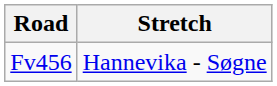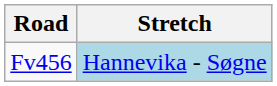 <table class="wikitable">
 <tr>
 <th>Road</th>
 <th>Stretch</th>
 </tr>
 <tr>
 <td><a href='#'>Fv456</a></td>
-<td><a href='#'>Hannevika</a> - <a href='#'>Søgne</a></td>
+<td style="background: lightblue;"><a href='#'>Hannevika</a> - <a href='#'>Søgne</a></td>
 </tr>
 </table>
